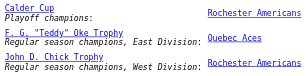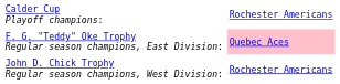 <table cellpadding="3" cellspacing="3">
 <tr>
 <td><a href='#'>Calder Cup</a><br><em>Playoff champions</em>:</td>
 <td><a href='#'>Rochester Americans</a></td>
 </tr>
 <tr>
 <td><a href='#'>F. G. "Teddy" Oke Trophy</a><br><em>Regular season champions, East Division</em>:</td>
-<td><a href='#'>Quebec Aces</a></td>
+<td style="background: pink;"><a href='#'>Quebec Aces</a></td>
 </tr>
 <tr>
 <td><a href='#'>John D. Chick Trophy</a><br><em>Regular season champions, West Division</em>:</td>
 <td><a href='#'>Rochester Americans</a></td>
 </tr>
 </table>
